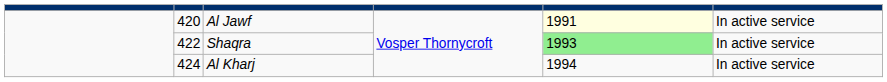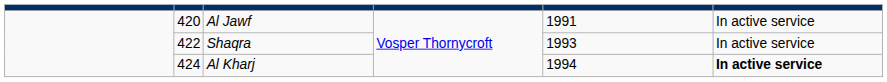 <table class="wikitable">
 <tr>
 <th style="background:#002F6C" width="190"></th>
 <th style="background:#002F6C"></th>
 <th style="background:#002F6C" width="190"></th>
 <th style="background:#002F6C" width="190"></th>
 <th style="background:#002F6C" width="190"></th>
 <th style="background:#002F6C" width="190"></th>
 </tr>
 <tr>
 <td rowspan="3"></td>
 <td>420</td>
 <td><em>Al Jawf</em></td>
 <td rowspan="3"><a href='#'>Vosper Thornycroft</a></td>
-<td style="background: lightyellow;">1991</td>
+<td>1991</td>
 <td>In active service</td>
 </tr>
 <tr>
 <td>422</td>
 <td><em>Shaqra</em></td>
-<td style="background: lightgreen;">1993</td>
+<td>1993</td>
 <td>In active service</td>
 </tr>
 <tr>
 <td>424</td>
 <td><em>Al Kharj</em></td>
 <td>1994</td>
-<td>In active service</td>
+<td><strong>In active service</strong></td>
 </tr>
 </table>
